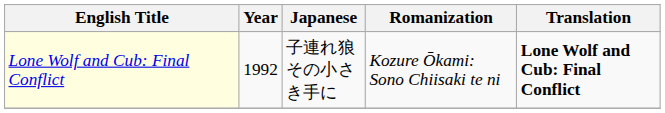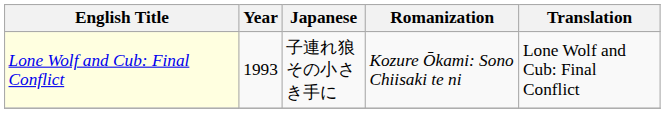 <table class="wikitable">
 <tr>
 <th style="width:210px;">English Title</th>
 <th>Year</th>
 <th width="70">Japanese</th>
 <th>Romanization</th>
 <th>Translation</th>
 </tr>
 <tr>
 <td style="background: lightyellow;"><em><a href='#'>Lone Wolf and Cub: Final Conflict</a></em></td>
-<td>1992</td>
+<td>1993</td>
 <td>子連れ狼 その小さき手に</td>
 <td><em>Kozure Ōkami: Sono Chiisaki te ni</em></td>
-<td><strong>Lone Wolf and Cub: Final Conflict</strong></td>
+<td>Lone Wolf and Cub: Final Conflict</td>
 </tr>
 <tr>
 </tr>
 </table>
